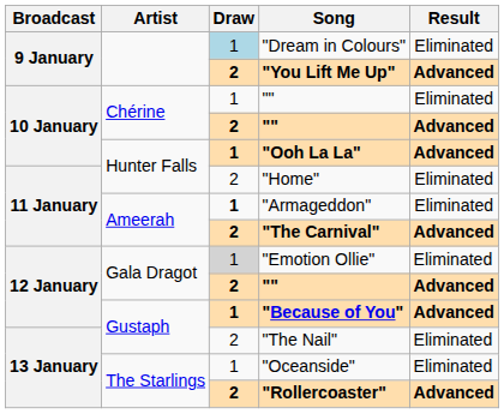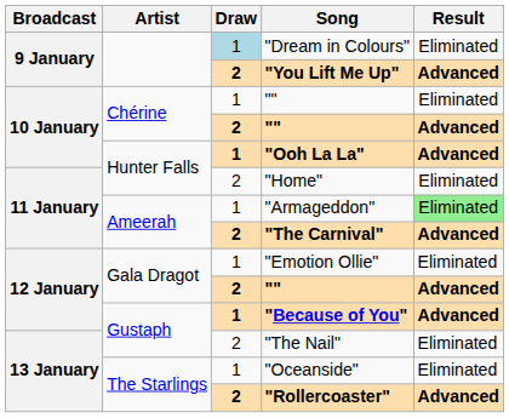 <table class="wikitable sortable plainrowheaders" style="margin: 1em auto 1em auto;">
 <tr>
 <th scope="col">Broadcast</th>
 <th scope="col">Artist</th>
 <th scope="col">Draw</th>
 <th scope="col">Song</th>
 <th scope="col">Result</th>
 </tr>
 <tr>
 <th scope="row" rowspan="2">9 January</th>
 <td rowspan="2"></td>
 <td scope="row" style="background: lightblue; text-align:center;">1</td>
 <td>"Dream in Colours"</td>
 <td style="text-align:center;">Eliminated</td>
 </tr>
 <tr>
 <td scope="row" style="text-align:center; font-weight:bold; background:navajowhite;">2</td>
 <td style="font-weight:bold; background:navajowhite;">"You Lift Me Up"</td>
 <td style="text-align:center; font-weight:bold; background:navajowhite;">Advanced</td>
 </tr>
 <tr>
 <th scope="row" rowspan="3">10 January</th>
 <td rowspan="2"><a href='#'>Chérine</a></td>
 <td style="text-align:center;">1</td>
 <td>""</td>
 <td style="text-align:center;">Eliminated</td>
 </tr>
 <tr>
 <td scope="row" style="text-align:center; font-weight:bold; background:navajowhite;">2</td>
 <td style="font-weight:bold; background:navajowhite;">""</td>
 <td style="text-align:center; font-weight:bold; background:navajowhite;">Advanced</td>
 </tr>
 <tr>
 <td rowspan="2">Hunter Falls</td>
 <td scope="row" style="text-align:center; font-weight:bold; background:navajowhite;">1</td>
 <td style="font-weight:bold; background:navajowhite;">"Ooh La La"</td>
 <td style="text-align:center; font-weight:bold; background:navajowhite;">Advanced</td>
 </tr>
 <tr>
 <th scope="row" rowspan="3">11 January</th>
 <td style="text-align:center;">2</td>
 <td>"Home"</td>
 <td style="text-align:center;">Eliminated</td>
 </tr>
 <tr>
 <td rowspan="2"><a href='#'>Ameerah</a></td>
-<td style="text-align:center;"><strong>1</strong></td>
+<td style="text-align:center;">1</td>
 <td>"Armageddon"</td>
-<td style="text-align:center;">Eliminated</td>
+<td style="background: lightgreen; text-align:center;">Eliminated</td>
 </tr>
 <tr>
 <td scope="row" style="text-align:center; font-weight:bold; background:navajowhite;">2</td>
 <td style="font-weight:bold; background:navajowhite;">"The Carnival"</td>
 <td style="text-align:center; font-weight:bold; background:navajowhite;">Advanced</td>
 </tr>
 <tr>
 <th scope="row" rowspan="3">12 January</th>
 <td rowspan="2">Gala Dragot</td>
-<td style="background: lightgrey; text-align:center;">1</td>
+<td style="text-align:center;">1</td>
 <td>"Emotion Ollie"</td>
 <td>Eliminated</td>
 </tr>
 <tr>
 <td scope="row" style="text-align:center; font-weight:bold; background:navajowhite;">2</td>
 <td style="font-weight:bold; background:navajowhite;">""</td>
 <td style="text-align:center; font-weight:bold; background:navajowhite;">Advanced</td>
 </tr>
 <tr>
 <td rowspan="2"><a href='#'>Gustaph</a></td>
 <td scope="row" style="text-align:center; font-weight:bold; background:navajowhite;">1</td>
 <td style="font-weight:bold; background:navajowhite;">"<a href='#'>Because of You</a>"</td>
 <td style="text-align:center; font-weight:bold; background:navajowhite;">Advanced</td>
 </tr>
 <tr>
 <th scope="row" rowspan="3">13 January</th>
 <td style="text-align:center;">2</td>
 <td>"The Nail"</td>
 <td>Eliminated</td>
 </tr>
 <tr>
 <td rowspan="2"><a href='#'>The Starlings</a></td>
 <td style="text-align:center;">1</td>
 <td>"Oceanside"</td>
 <td>Eliminated</td>
 </tr>
 <tr>
 <td scope="row" style="text-align:center; font-weight:bold; background:navajowhite;">2</td>
 <td style="font-weight:bold; background:navajowhite;">"Rollercoaster"</td>
 <td style="text-align:center; font-weight:bold; background:navajowhite;">Advanced</td>
 </tr>
 </table>
